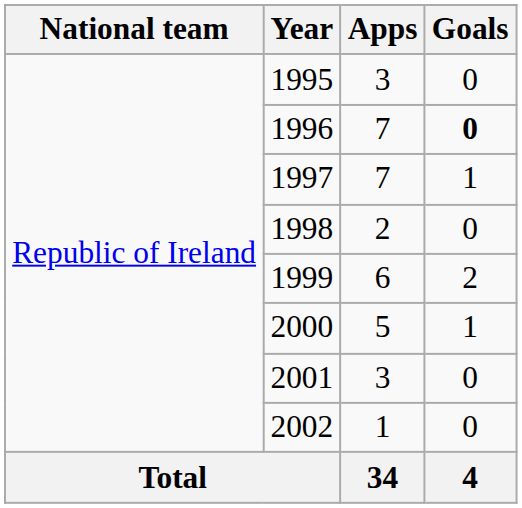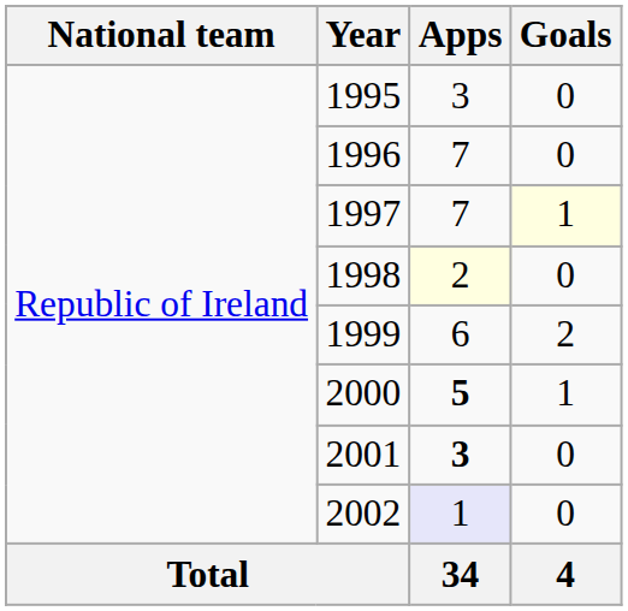 <table class="wikitable" style="text-align:center">
 <tr>
 <th>National team</th>
 <th>Year</th>
 <th>Apps</th>
 <th>Goals</th>
 </tr>
 <tr>
 <td rowspan="8"><a href='#'>Republic of Ireland</a></td>
 <td>1995</td>
 <td>3</td>
 <td>0</td>
 </tr>
 <tr>
 <td>1996</td>
 <td>7</td>
-<td><strong>0</strong></td>
+<td>0</td>
 </tr>
 <tr>
 <td>1997</td>
 <td>7</td>
-<td>1</td>
+<td style="background: lightyellow;">1</td>
 </tr>
 <tr>
 <td>1998</td>
-<td>2</td>
+<td style="background: lightyellow;">2</td>
 <td>0</td>
 </tr>
 <tr>
 <td>1999</td>
 <td>6</td>
 <td>2</td>
 </tr>
 <tr>
 <td>2000</td>
-<td>5</td>
+<td><strong>5</strong></td>
 <td>1</td>
 </tr>
 <tr>
 <td>2001</td>
-<td>3</td>
+<td><strong>3</strong></td>
 <td>0</td>
 </tr>
 <tr>
 <td>2002</td>
-<td>1</td>
+<td style="background: lavender;">1</td>
 <td>0</td>
 </tr>
 <tr>
 <th colspan="2">Total</th>
 <th>34</th>
 <th>4</th>
 </tr>
 </table>
